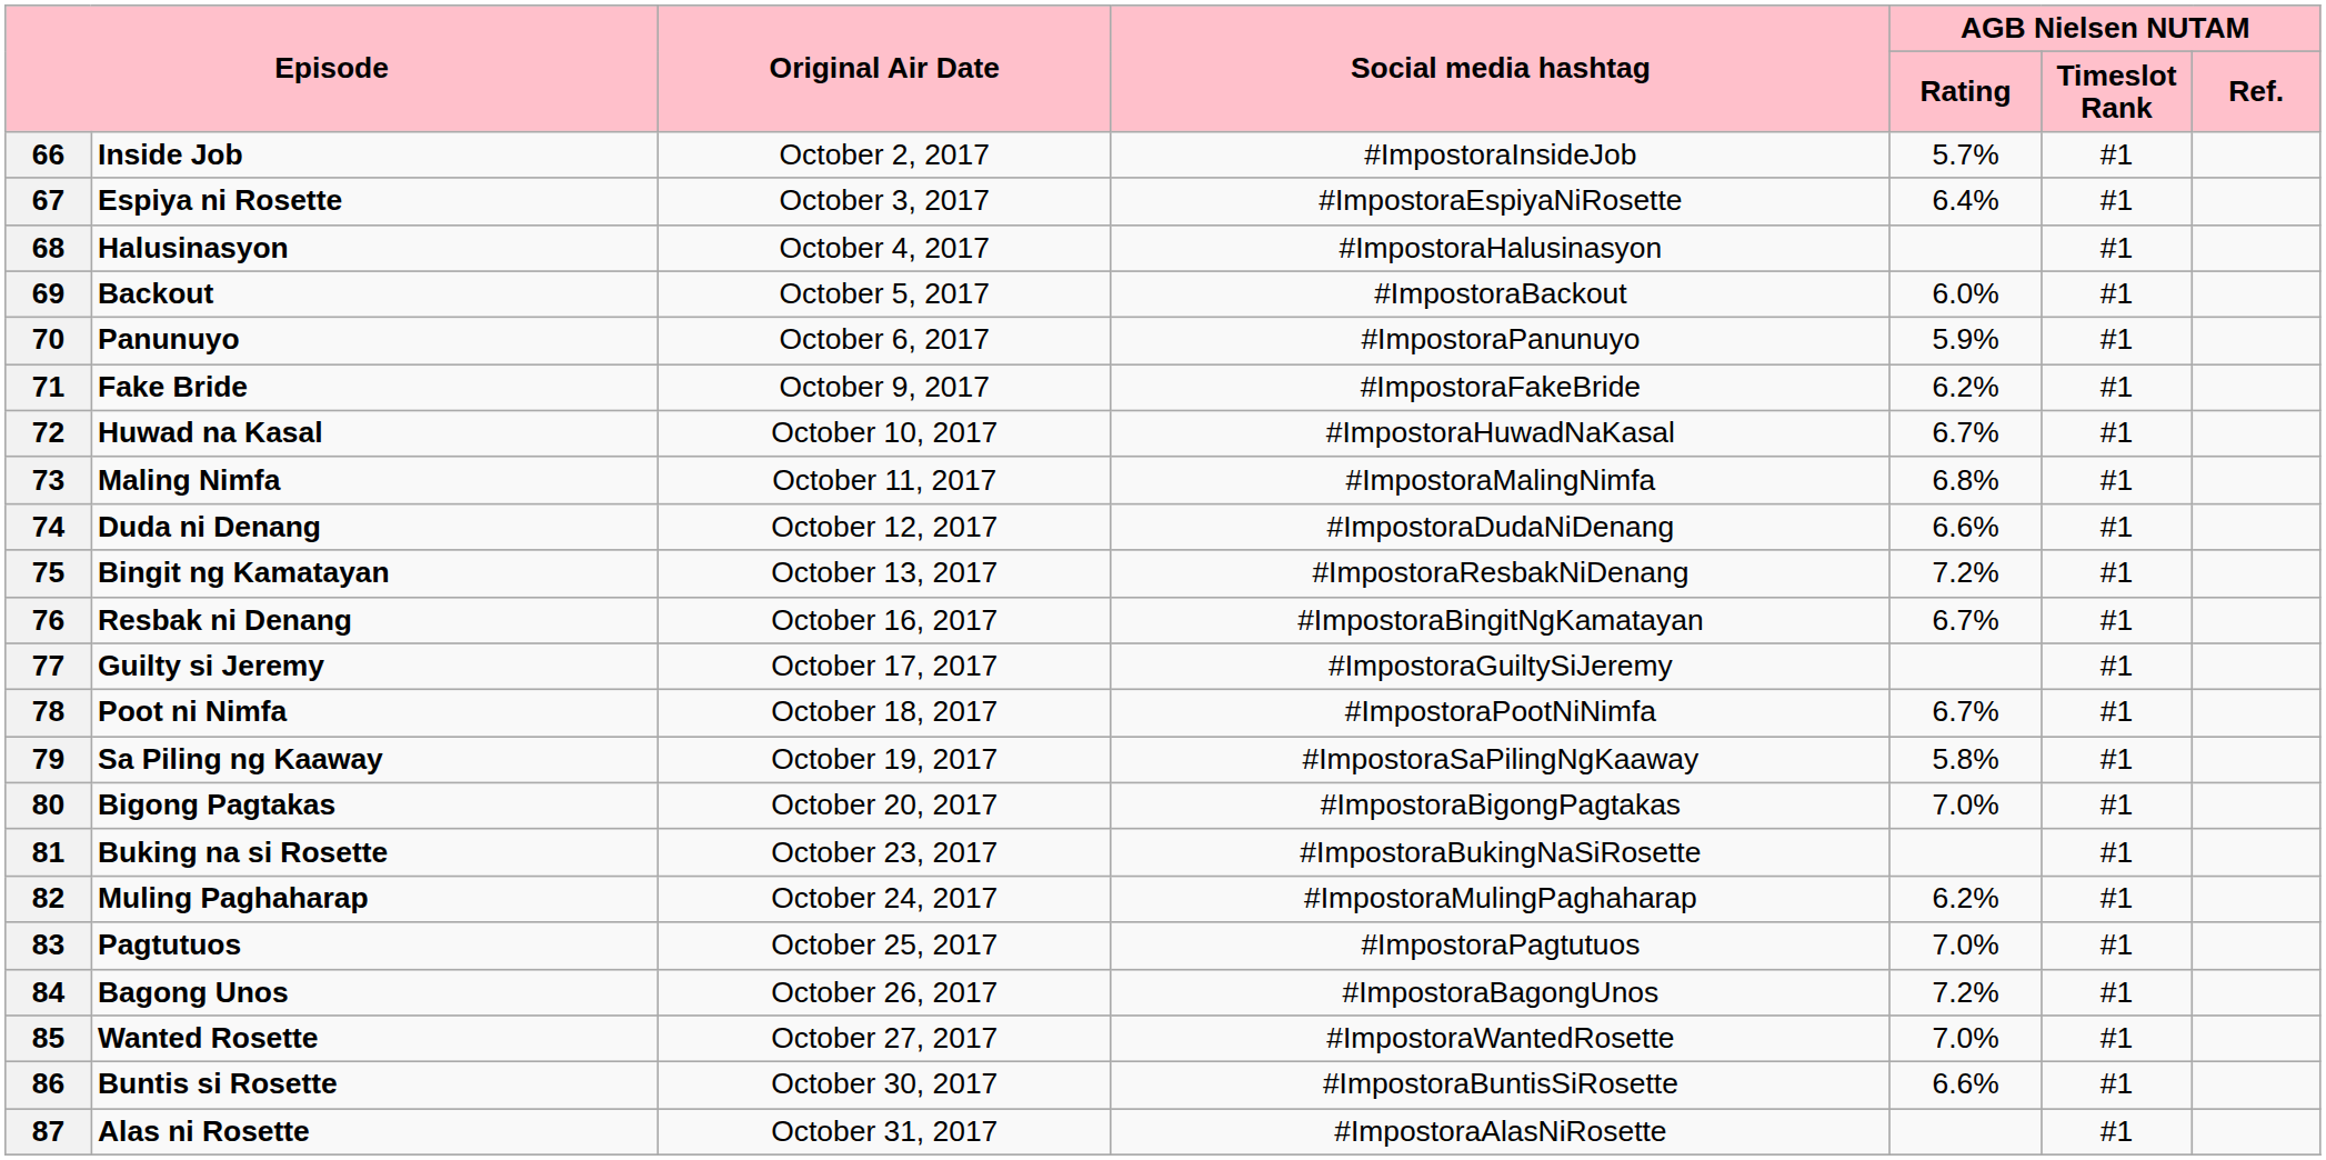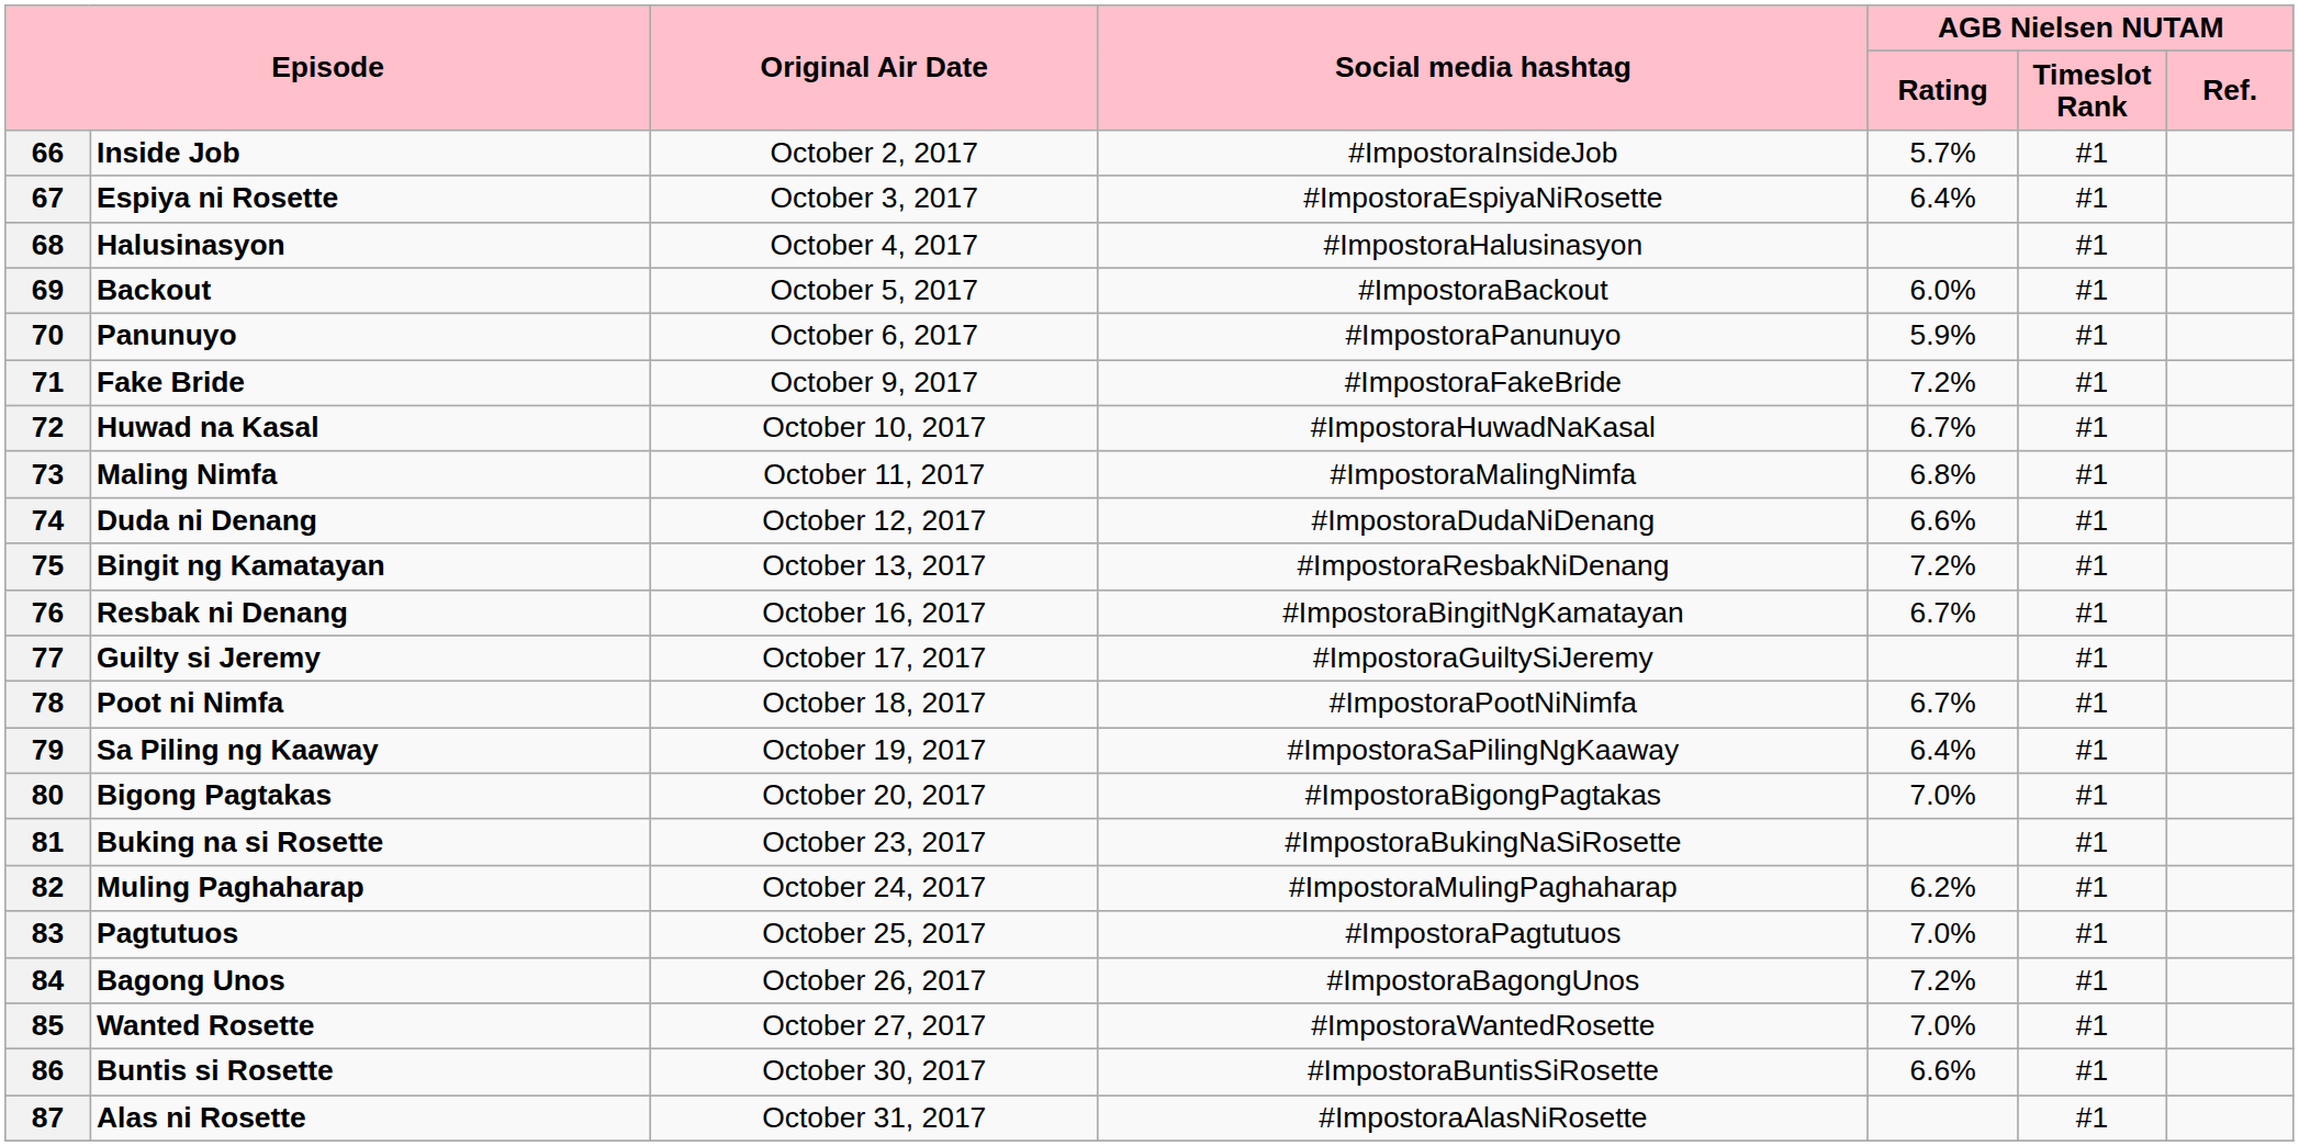 <table class="wikitable" style="text-align:center; font-size:100%; line-height:18px;"  width="100%">
 <tr>
 <th colspan="2" rowspan="2" style="background-color:#FFC0CB; color:#000000;">Episode</th>
 <th style="background:#FFC0CB; color:black" rowspan="2">Original Air Date</th>
 <th style="background:#FFC0CB; color:black" rowspan="2">Social media hashtag</th>
 <th style="background-color:#FFC0CB; color:#000000;" colspan="3">AGB Nielsen NUTAM</th>
 </tr>
 <tr>
 <th style="background-color:#FFC0CB; width:75px; color:#000000;">Rating</th>
 <th style="background-color:#FFC0CB; width:75px; color:#000000;">Timeslot<br>Rank</th>
 <th style="background-color:#FFC0CB; color:#000000;">Ref.</th>
 </tr>
 <tr>
 <th>66</th>
 <td style="text-align: left;"><strong>Inside Job</strong></td>
 <td>October 2, 2017</td>
 <td>#ImpostoraInsideJob</td>
 <td>5.7%</td>
 <td>#1</td>
 <td></td>
 </tr>
 <tr>
 <th>67</th>
 <td style="text-align: left;"><strong>Espiya ni Rosette</strong></td>
 <td>October 3, 2017</td>
 <td>#ImpostoraEspiyaNiRosette</td>
 <td>6.4%</td>
 <td>#1</td>
 <td></td>
 </tr>
 <tr>
 <th>68</th>
 <td style="text-align: left;"><strong>Halusinasyon</strong></td>
 <td>October 4, 2017</td>
 <td>#ImpostoraHalusinasyon</td>
 <td></td>
 <td>#1</td>
 <td></td>
 </tr>
 <tr>
 <th>69</th>
 <td style="text-align: left;"><strong>Backout</strong></td>
 <td>October 5, 2017</td>
 <td>#ImpostoraBackout</td>
 <td>6.0%</td>
 <td>#1</td>
 <td></td>
 </tr>
 <tr>
 <th>70</th>
 <td style="text-align: left;"><strong>Panunuyo</strong></td>
 <td>October 6, 2017</td>
 <td>#ImpostoraPanunuyo</td>
 <td>5.9%</td>
 <td>#1</td>
 <td></td>
 </tr>
 <tr>
 <th>71</th>
 <td style="text-align: left;"><strong>Fake Bride</strong></td>
 <td>October 9, 2017</td>
 <td>#ImpostoraFakeBride</td>
-<td>6.2%</td>
+<td>7.2%</td>
 <td>#1</td>
 <td></td>
 </tr>
 <tr>
 <th>72</th>
 <td style="text-align: left;"><strong>Huwad na Kasal</strong></td>
 <td>October 10, 2017</td>
 <td>#ImpostoraHuwadNaKasal</td>
 <td>6.7%</td>
 <td>#1</td>
 <td></td>
 </tr>
 <tr>
 <th>73</th>
 <td style="text-align: left;"><strong>Maling Nimfa</strong></td>
 <td>October 11, 2017</td>
 <td>#ImpostoraMalingNimfa</td>
 <td>6.8%</td>
 <td>#1</td>
 <td></td>
 </tr>
 <tr>
 <th>74</th>
 <td style="text-align: left;"><strong>Duda ni Denang</strong></td>
 <td>October 12, 2017</td>
 <td>#ImpostoraDudaNiDenang</td>
 <td>6.6%</td>
 <td>#1</td>
 <td></td>
 </tr>
 <tr>
 <th>75</th>
 <td style="text-align: left;"><strong>Bingit ng Kamatayan</strong></td>
 <td>October 13, 2017</td>
 <td>#ImpostoraResbakNiDenang</td>
 <td>7.2%</td>
 <td>#1</td>
 <td></td>
 </tr>
 <tr>
 <th>76</th>
 <td style="text-align: left;"><strong>Resbak ni Denang</strong></td>
 <td>October 16, 2017</td>
 <td>#ImpostoraBingitNgKamatayan</td>
 <td>6.7%</td>
 <td>#1</td>
 <td></td>
 </tr>
 <tr>
 <th>77</th>
 <td style="text-align: left;"><strong>Guilty si Jeremy</strong></td>
 <td>October 17, 2017</td>
 <td>#ImpostoraGuiltySiJeremy</td>
 <td></td>
 <td>#1</td>
 <td></td>
 </tr>
 <tr>
 <th>78</th>
 <td style="text-align: left;"><strong>Poot ni Nimfa</strong></td>
 <td>October 18, 2017</td>
 <td>#ImpostoraPootNiNimfa</td>
 <td>6.7%</td>
 <td>#1</td>
 <td></td>
 </tr>
 <tr>
 <th>79</th>
 <td style="text-align: left;"><strong>Sa Piling ng Kaaway</strong></td>
 <td>October 19, 2017</td>
 <td>#ImpostoraSaPilingNgKaaway</td>
-<td>5.8%</td>
+<td>6.4%</td>
 <td>#1</td>
 <td></td>
 </tr>
 <tr>
 <th>80</th>
 <td style="text-align: left;"><strong>Bigong Pagtakas</strong></td>
 <td>October 20, 2017</td>
 <td>#ImpostoraBigongPagtakas</td>
 <td>7.0%</td>
 <td>#1</td>
 <td></td>
 </tr>
 <tr>
 <th>81</th>
 <td style="text-align: left;"><strong>Buking na si Rosette</strong></td>
 <td>October 23, 2017</td>
 <td>#ImpostoraBukingNaSiRosette</td>
 <td></td>
 <td>#1</td>
 <td></td>
 </tr>
 <tr>
 <th>82</th>
 <td style="text-align: left;"><strong>Muling Paghaharap</strong></td>
 <td>October 24, 2017</td>
 <td>#ImpostoraMulingPaghaharap</td>
 <td>6.2%</td>
 <td>#1</td>
 <td></td>
 </tr>
 <tr>
 <th>83</th>
 <td style="text-align: left;"><strong>Pagtutuos</strong></td>
 <td>October 25, 2017</td>
 <td>#ImpostoraPagtutuos</td>
 <td>7.0%</td>
 <td>#1</td>
 <td></td>
 </tr>
 <tr>
 <th>84</th>
 <td style="text-align: left;"><strong>Bagong Unos</strong></td>
 <td>October 26, 2017</td>
 <td>#ImpostoraBagongUnos</td>
 <td>7.2%</td>
 <td>#1</td>
 <td></td>
 </tr>
 <tr>
 <th>85</th>
 <td style="text-align: left;"><strong>Wanted Rosette</strong></td>
 <td>October 27, 2017</td>
 <td>#ImpostoraWantedRosette</td>
 <td>7.0%</td>
 <td>#1</td>
 <td></td>
 </tr>
 <tr>
 <th>86</th>
 <td style="text-align: left;"><strong>Buntis si Rosette</strong></td>
 <td>October 30, 2017</td>
 <td>#ImpostoraBuntisSiRosette</td>
 <td>6.6%</td>
 <td>#1</td>
 <td></td>
 </tr>
 <tr>
 <th>87</th>
 <td style="text-align: left;"><strong>Alas ni Rosette</strong></td>
 <td>October 31, 2017</td>
 <td>#ImpostoraAlasNiRosette</td>
 <td></td>
 <td>#1</td>
 <td></td>
 </tr>
 <tr>
 </tr>
 </table>
